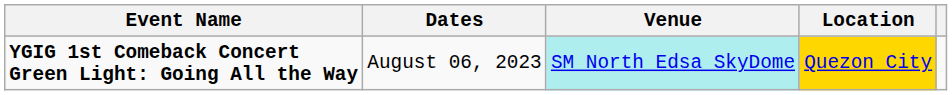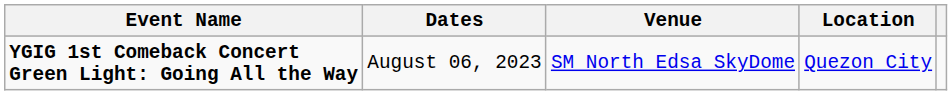 <table class="wikitable">
 <tr>
 <th>Event Name</th>
 <th>Dates</th>
 <th>Venue</th>
 <th>Location</th>
 <th></th>
 </tr>
 <tr>
 <td><strong>YGIG 1st Comeback Concert<br>Green Light: Going All the Way</strong></td>
 <td>August 06, 2023</td>
-<td style="background: paleturquoise;"><a href='#'>SM North Edsa SkyDome</a></td>
-<td style="background: gold;"><a href='#'>Quezon City</a></td>
+<td><a href='#'>SM North Edsa SkyDome</a></td>
+<td><a href='#'>Quezon City</a></td>
 <td></td>
 </tr>
 </table>
